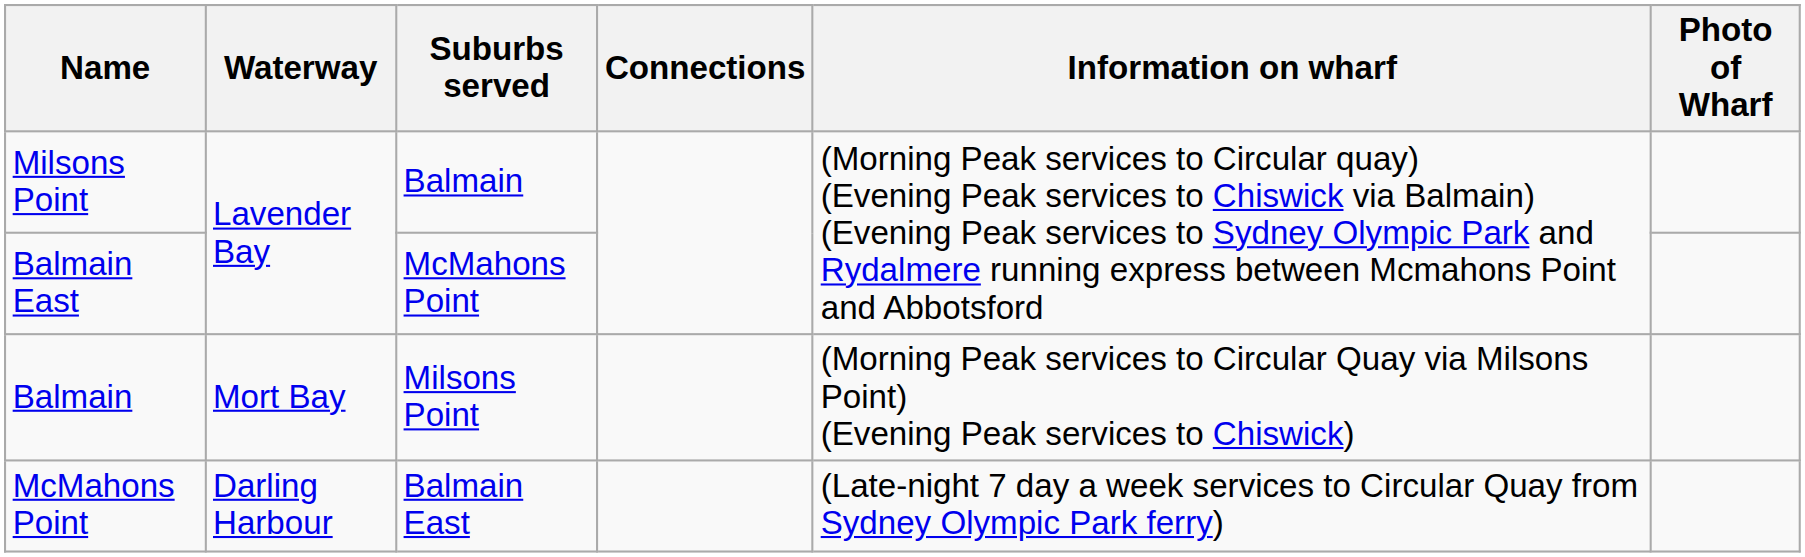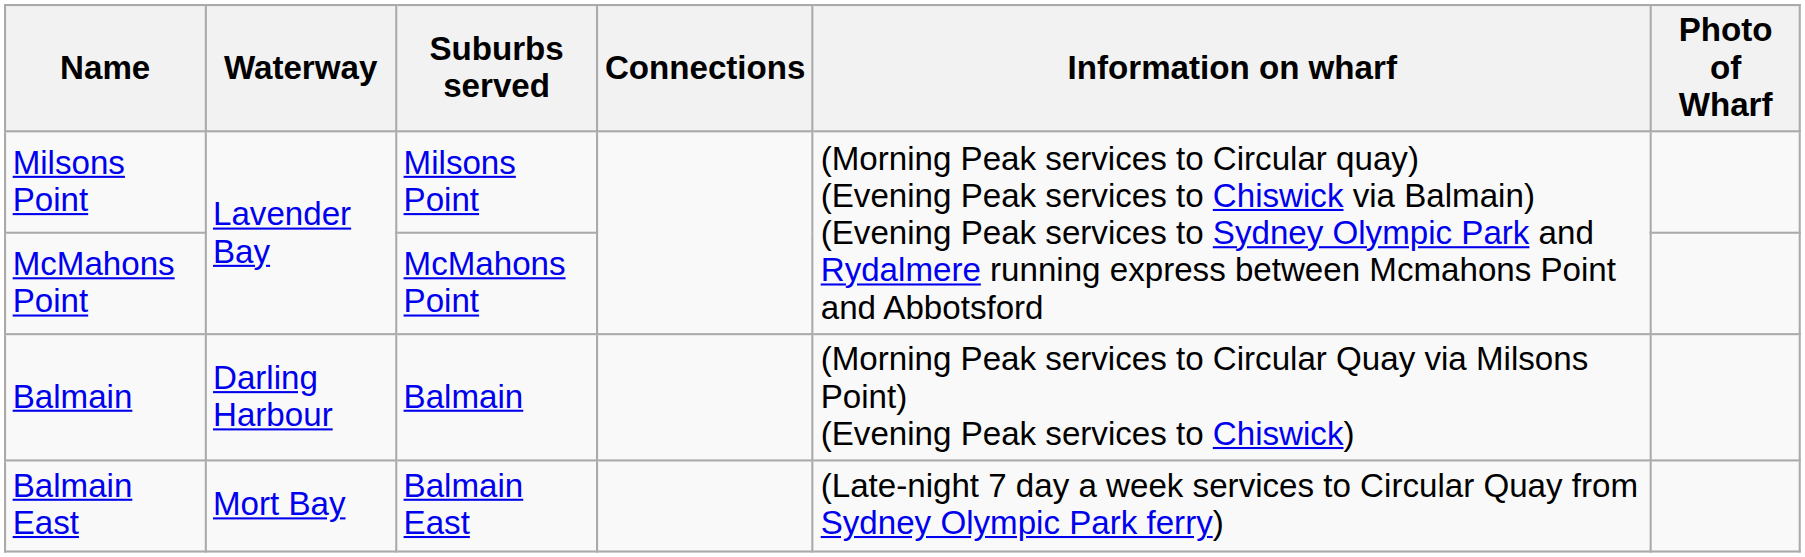 <table class="wikitable">
 <tr>
 <th>Name</th>
 <th>Waterway</th>
 <th>Suburbs served</th>
 <th>Connections</th>
 <th>Information on wharf</th>
 <th>Photo of Wharf</th>
 </tr>
 <tr>
 <td><a href='#'>Milsons Point</a></td>
 <td rowspan="2"><a href='#'>Lavender Bay</a></td>
-<td><a href='#'>Balmain</a></td>
+<td><a href='#'>Milsons Point</a></td>
 <td rowspan="2"></td>
 <td rowspan="2">(Morning Peak services to Circular quay)<br>(Evening Peak services to <a href='#'>Chiswick</a> via Balmain) (Evening Peak services to <a href='#'>Sydney Olympic Park</a> and <a href='#'>Rydalmere</a> running express between Mcmahons Point and Abbotsford</td>
 <td></td>
 </tr>
 <tr>
-<td><a href='#'>Balmain East</a></td>
+<td><a href='#'>McMahons Point</a></td>
 <td><a href='#'>McMahons Point</a></td>
 <td></td>
 </tr>
 <tr>
 <td><a href='#'>Balmain</a></td>
-<td><a href='#'>Mort Bay</a></td>
-<td><a href='#'>Milsons Point</a></td>
+<td><a href='#'>Darling Harbour</a></td>
+<td><a href='#'>Balmain</a></td>
 <td></td>
 <td>(Morning Peak services to Circular Quay via Milsons Point)<br>(Evening Peak services to <a href='#'>Chiswick</a>)</td>
 <td></td>
 </tr>
 <tr>
-<td><a href='#'>McMahons Point</a></td>
-<td><a href='#'>Darling Harbour</a></td>
+<td><a href='#'>Balmain East</a></td>
+<td><a href='#'>Mort Bay</a></td>
 <td><a href='#'>Balmain East</a></td>
 <td></td>
 <td>(Late-night 7 day a week services to Circular Quay from <a href='#'>Sydney Olympic Park ferry</a>)</td>
 <td></td>
 </tr>
 </table>
